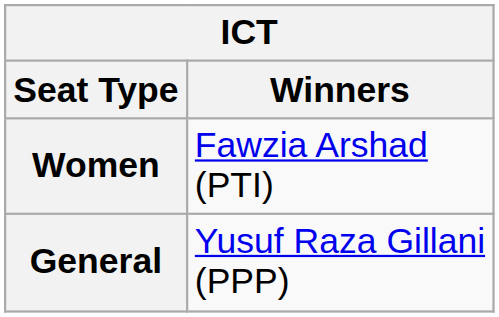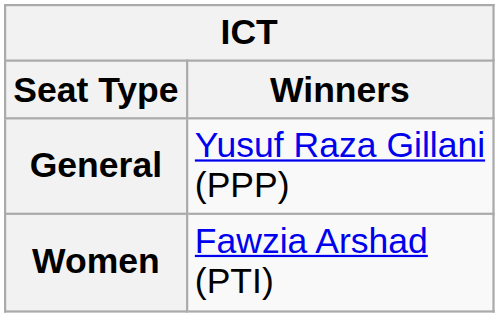 <table class="wikitable">
 <tr>
 <th colspan="2">ICT</th>
 </tr>
 <tr>
 <th>Seat Type</th>
 <th>Winners</th>
 </tr>
 <tr>
+<th>General</th>
+<td style="background:"><a href='#'>Yusuf Raza Gillani</a><br>(PPP)</td>
+</tr>
+<tr>
 <th>Women</th>
 <td style="background:"><a href='#'>Fawzia Arshad</a><br>(PTI)</td>
 </tr>
-<tr>
-<th>General</th>
-<td style="background:"><a href='#'>Yusuf Raza Gillani</a><br>(PPP)</td>
-</tr>
 </table>
